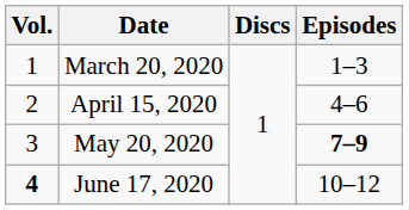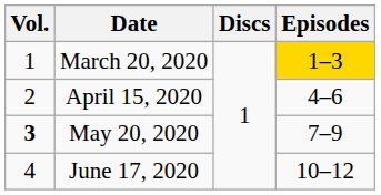 <table class="wikitable" style="text-align:center;">
 <tr>
 <th>Vol.</th>
 <th>Date</th>
 <th>Discs</th>
 <th>Episodes</th>
 </tr>
 <tr>
 <td>1</td>
 <td>March 20, 2020</td>
 <td rowspan="8">1</td>
-<td>1–3</td>
+<td style="background: gold;">1–3</td>
 </tr>
 <tr>
 <td>2</td>
 <td>April 15, 2020</td>
 <td>4–6</td>
 </tr>
 <tr>
-<td>3</td>
+<td><strong>3</strong></td>
 <td>May 20, 2020</td>
-<td><strong>7–9</strong></td>
+<td>7–9</td>
 </tr>
 <tr>
-<td><strong>4</strong></td>
+<td>4</td>
 <td>June 17, 2020</td>
 <td>10–12</td>
 </tr>
 </table>
